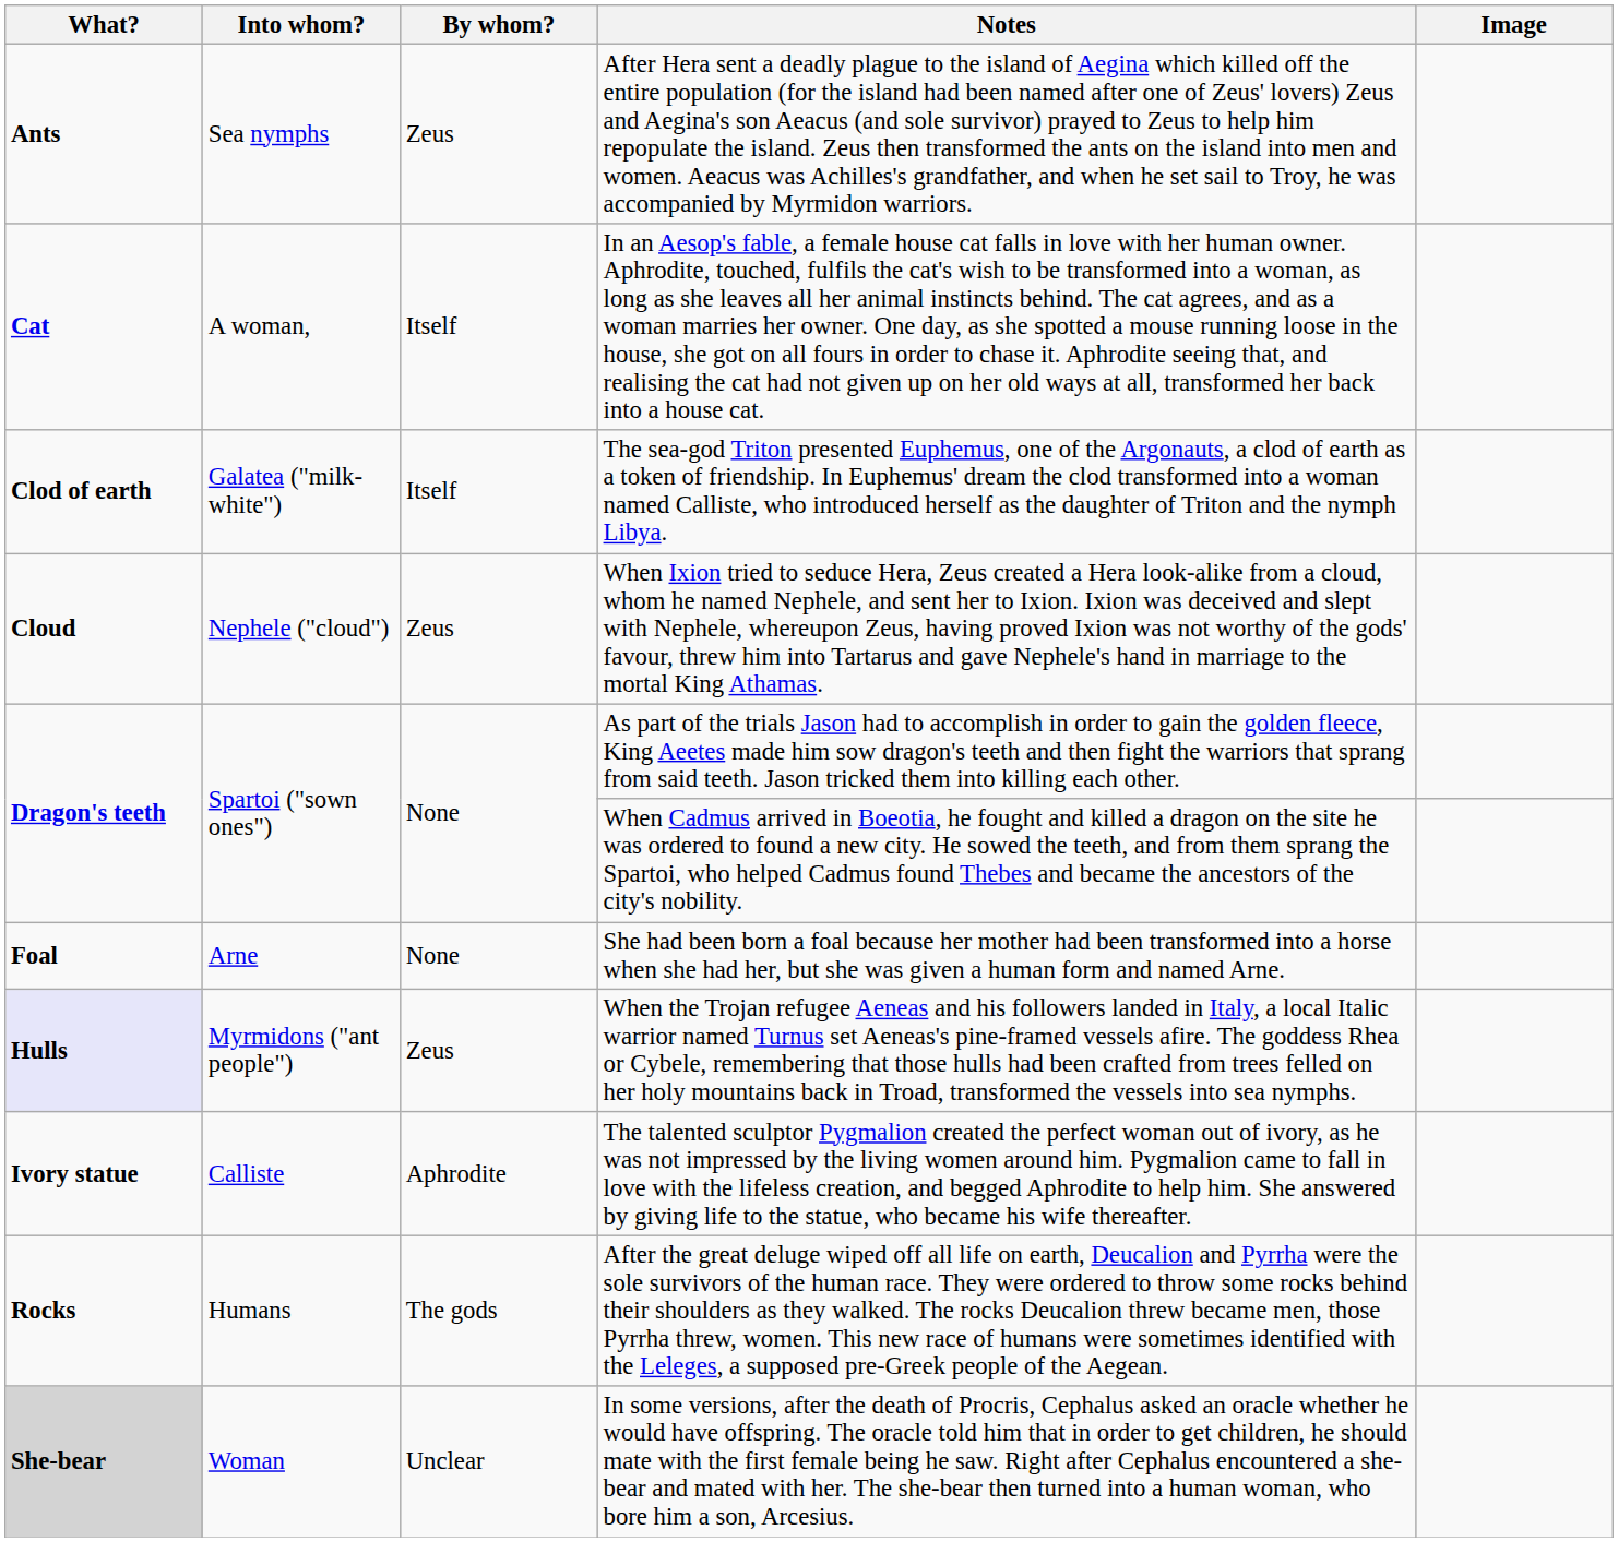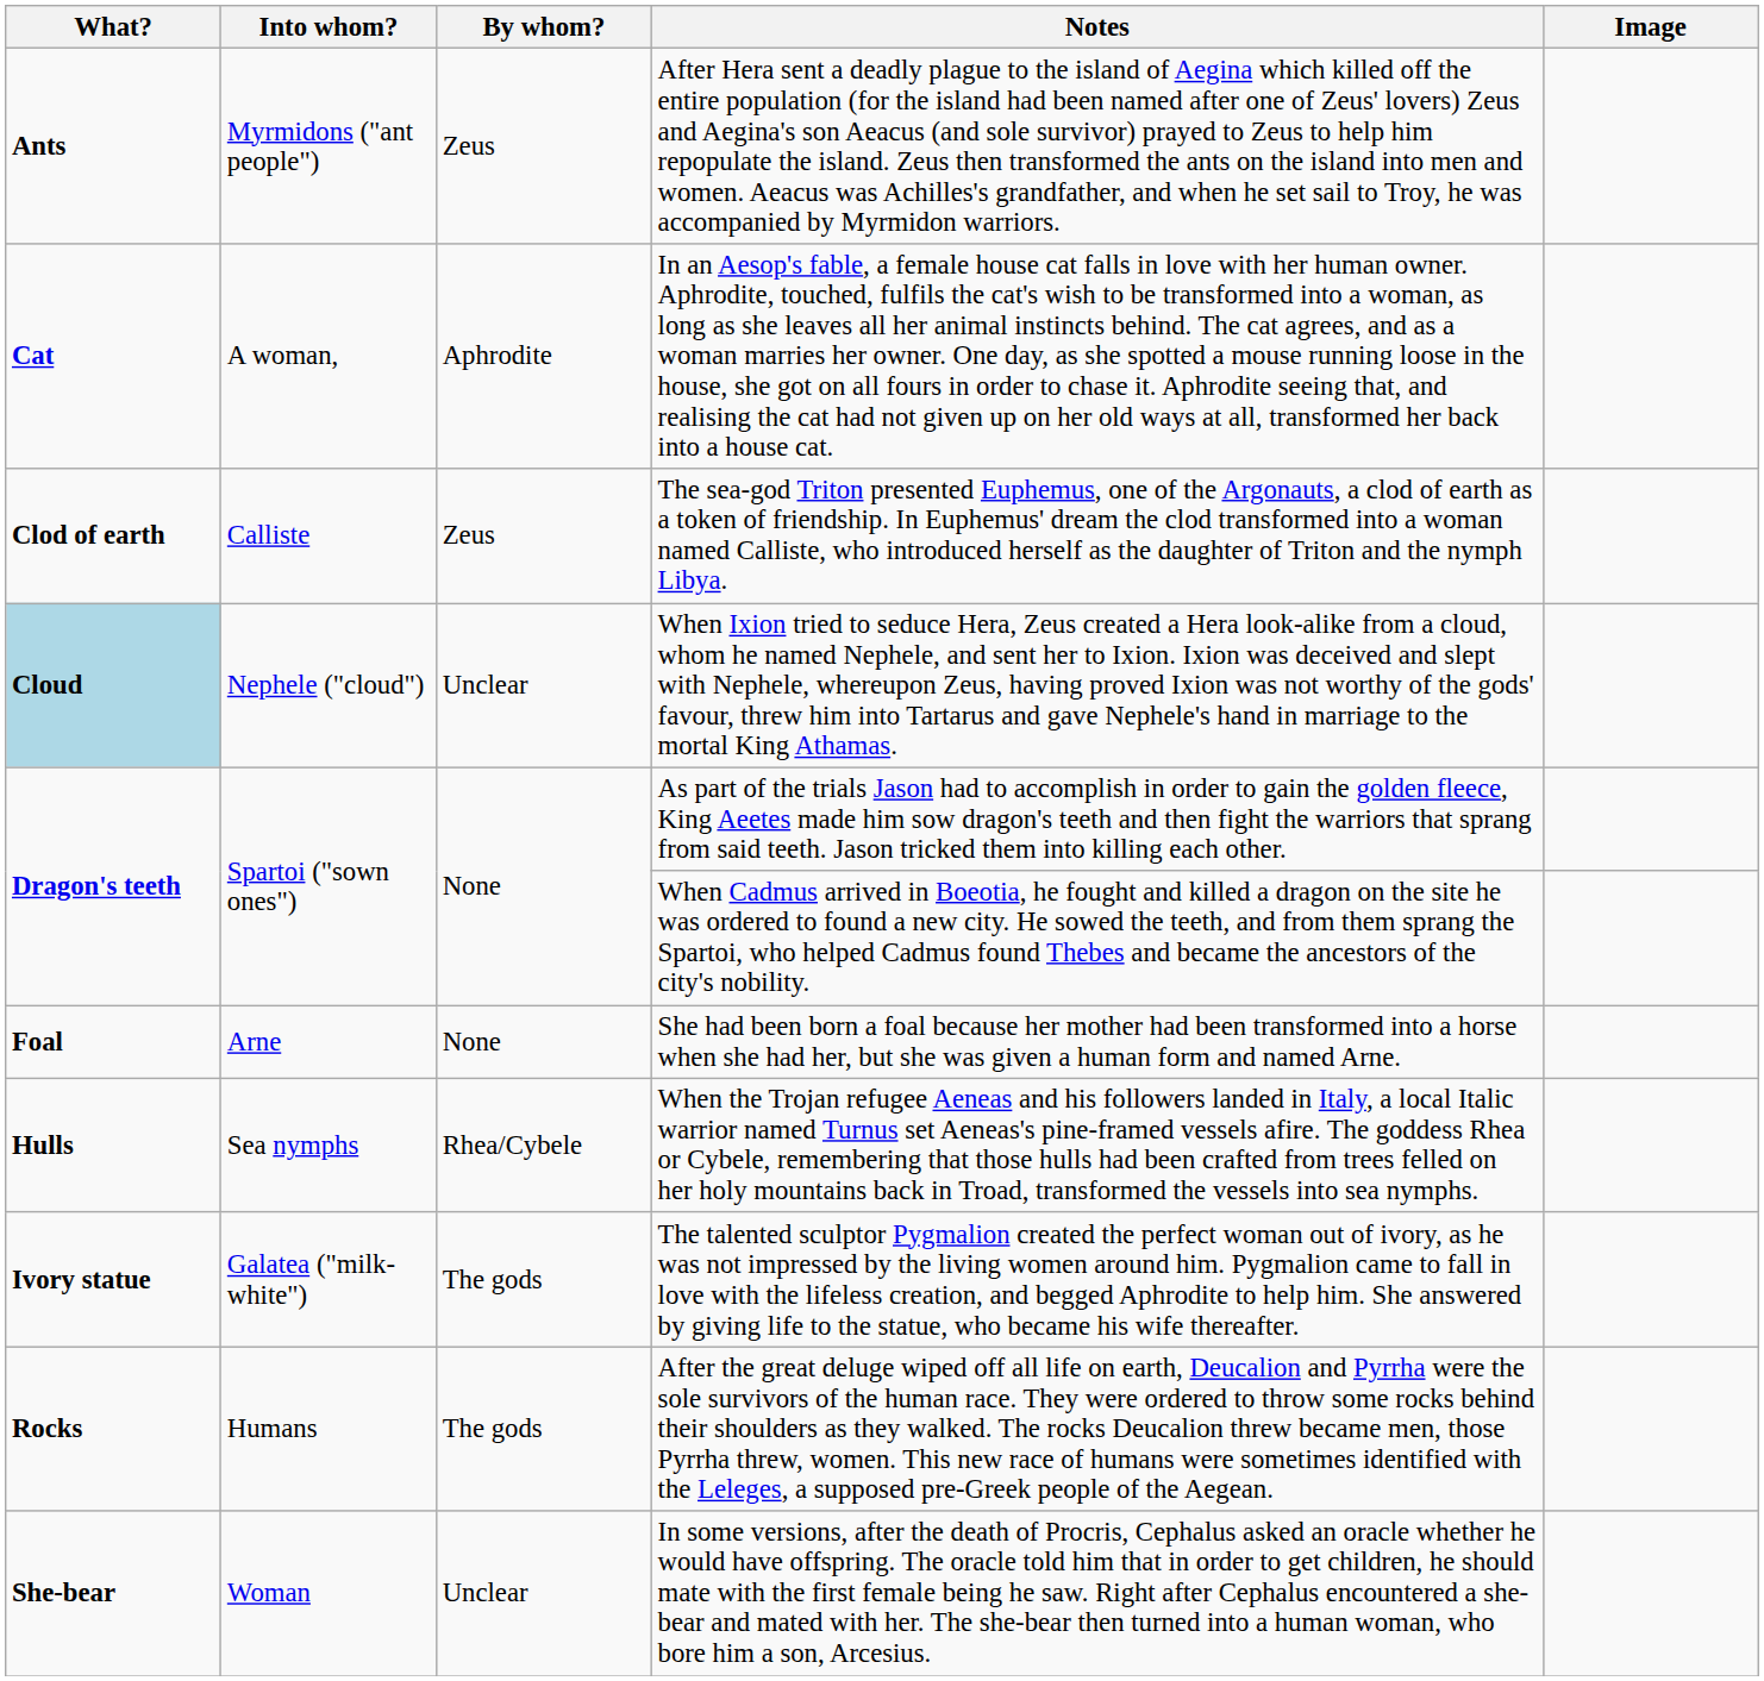 <table class="wikitable sortable">
 <tr>
 <th scope="col" style="width: 90pt;">What?</th>
 <th scope="col" style="width: 90pt;">Into whom?</th>
 <th scope="col" style="width: 90pt;">By whom?</th>
 <th scope="col" style="width: 390pt;">Notes</th>
 <th scope="col" style="width: 90pt;">Image</th>
 </tr>
 <tr>
 <td><strong>Ants</strong></td>
-<td>Sea <a href='#'>nymphs</a></td>
+<td><a href='#'>Myrmidons</a> ("ant people")</td>
 <td>Zeus</td>
 <td>After Hera sent a deadly plague to the island of <a href='#'>Aegina</a> which killed off the entire population (for the island had been named after one of Zeus' lovers) Zeus and Aegina's son Aeacus (and sole survivor) prayed to Zeus to help him repopulate the island. Zeus then transformed the ants on the island into men and women. Aeacus was Achilles's grandfather, and when he set sail to Troy, he was accompanied by Myrmidon warriors.</td>
 <td></td>
 </tr>
 <tr>
 <td><strong><a href='#'>Cat</a></strong></td>
 <td>A woman, </td>
-<td>Itself</td>
+<td>Aphrodite</td>
 <td>In an <a href='#'>Aesop's fable</a>, a female house cat falls in love with her human owner. Aphrodite, touched, fulfils the cat's wish to be transformed into a woman, as long as she leaves all her animal instincts behind. The cat agrees, and as a woman marries her owner. One day, as she spotted a mouse running loose in the house, she got on all fours in order to chase it. Aphrodite seeing that, and realising the cat had not given up on her old ways at all, transformed her back into a house cat.</td>
 <td></td>
 </tr>
 <tr>
 <td><strong>Clod of earth</strong></td>
-<td><a href='#'>Galatea</a> ("milk-white")</td>
-<td>Itself</td>
+<td><a href='#'>Calliste</a></td>
+<td>Zeus</td>
 <td>The sea-god <a href='#'>Triton</a> presented <a href='#'>Euphemus</a>, one of the <a href='#'>Argonauts</a>, a clod of earth as a token of friendship. In Euphemus' dream the clod transformed into a woman named Calliste, who introduced herself as the daughter of Triton and the nymph <a href='#'>Libya</a>.</td>
 </tr>
 <tr>
-<td><strong>Cloud</strong></td>
+<td style="background: lightblue;"><strong>Cloud</strong></td>
 <td><a href='#'>Nephele</a> ("cloud")</td>
-<td>Zeus</td>
+<td>Unclear</td>
 <td>When <a href='#'>Ixion</a> tried to seduce Hera, Zeus created a Hera look-alike from a cloud, whom he named Nephele, and sent her to Ixion. Ixion was deceived and slept with Nephele, whereupon Zeus, having proved Ixion was not worthy of the gods' favour, threw him into Tartarus and gave Nephele's hand in marriage to the mortal King <a href='#'>Athamas</a>.</td>
 <td></td>
 </tr>
 <tr>
 <td rowspan="2"><strong><a href='#'>Dragon's teeth</a></strong></td>
 <td rowspan="2"><a href='#'>Spartoi</a> ("sown ones")</td>
 <td rowspan="2">None</td>
 <td>As part of the trials <a href='#'>Jason</a> had to accomplish in order to gain the <a href='#'>golden fleece</a>, King <a href='#'>Aeetes</a> made him sow dragon's teeth and then fight the warriors that sprang from said teeth. Jason tricked them into killing each other.</td>
 <td></td>
 </tr>
 <tr>
 <td>When <a href='#'>Cadmus</a> arrived in <a href='#'>Boeotia</a>, he fought and killed a dragon on the site he was ordered to found a new city. He sowed the teeth, and from them sprang the Spartoi, who helped Cadmus found <a href='#'>Thebes</a> and became the ancestors of the city's nobility.</td>
 <td></td>
 </tr>
 <tr>
 <td><strong>Foal</strong></td>
 <td><a href='#'>Arne</a></td>
 <td>None</td>
 <td>She had been born a foal because her mother had been transformed into a horse when she had her, but she was given a human form and named Arne.</td>
 </tr>
 <tr>
-<td style="background: lavender;"><strong>Hulls</strong> </td>
-<td><a href='#'>Myrmidons</a> ("ant people")</td>
-<td>Zeus</td>
+<td><strong>Hulls</strong> </td>
+<td>Sea <a href='#'>nymphs</a></td>
+<td>Rhea/Cybele</td>
 <td>When the Trojan refugee <a href='#'>Aeneas</a> and his followers landed in <a href='#'>Italy</a>, a local Italic warrior named <a href='#'>Turnus</a> set Aeneas's pine-framed vessels afire. The goddess Rhea or Cybele, remembering that those hulls had been crafted from trees felled on her holy mountains back in Troad, transformed the vessels into sea nymphs.</td>
 <td></td>
 </tr>
 <tr>
 <td><strong>Ivory statue</strong></td>
-<td><a href='#'>Calliste</a></td>
-<td>Aphrodite</td>
+<td><a href='#'>Galatea</a> ("milk-white")</td>
+<td>The gods</td>
 <td>The talented sculptor <a href='#'>Pygmalion</a> created the perfect woman out of ivory, as he was not impressed by the living women around him. Pygmalion came to fall in love with the lifeless creation, and begged Aphrodite to help him. She answered by giving life to the statue, who became his wife thereafter.</td>
 <td></td>
 </tr>
 <tr>
 <td><strong>Rocks</strong></td>
 <td>Humans</td>
 <td>The gods</td>
 <td>After the great deluge wiped off all life on earth, <a href='#'>Deucalion</a> and <a href='#'>Pyrrha</a> were the sole survivors of the human race. They were ordered to throw some rocks behind their shoulders as they walked. The rocks Deucalion threw became men, those Pyrrha threw, women. This new race of humans were sometimes identified with the <a href='#'>Leleges</a>, a supposed pre-Greek people of the Aegean.</td>
 <td></td>
 </tr>
 <tr>
-<td style="background: lightgrey;"><strong>She-bear</strong></td>
+<td><strong>She-bear</strong></td>
 <td><a href='#'>Woman</a></td>
 <td>Unclear</td>
 <td>In some versions, after the death of Procris, Cephalus asked an oracle whether he would have offspring. The oracle told him that in order to get children, he should mate with the first female being he saw. Right after Cephalus encountered a she-bear and mated with her. The she-bear then turned into a human woman, who bore him a son, Arcesius.</td>
 </tr>
 </table>
